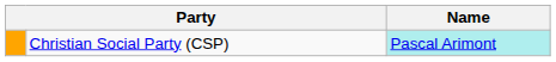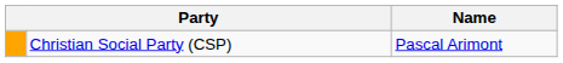 <table class="wikitable" style="width: 550px;">
 <tr>
 <th colspan="2" style="width: 70%;">Party</th>
 <th>Name</th>
 </tr>
 <tr>
 <td style="background-color:orange"> </td>
 <td><a href='#'>Christian Social Party</a> (CSP)</td>
-<td style="background: paleturquoise;"><a href='#'>Pascal Arimont</a></td>
+<td><a href='#'>Pascal Arimont</a></td>
 </tr>
 </table>
